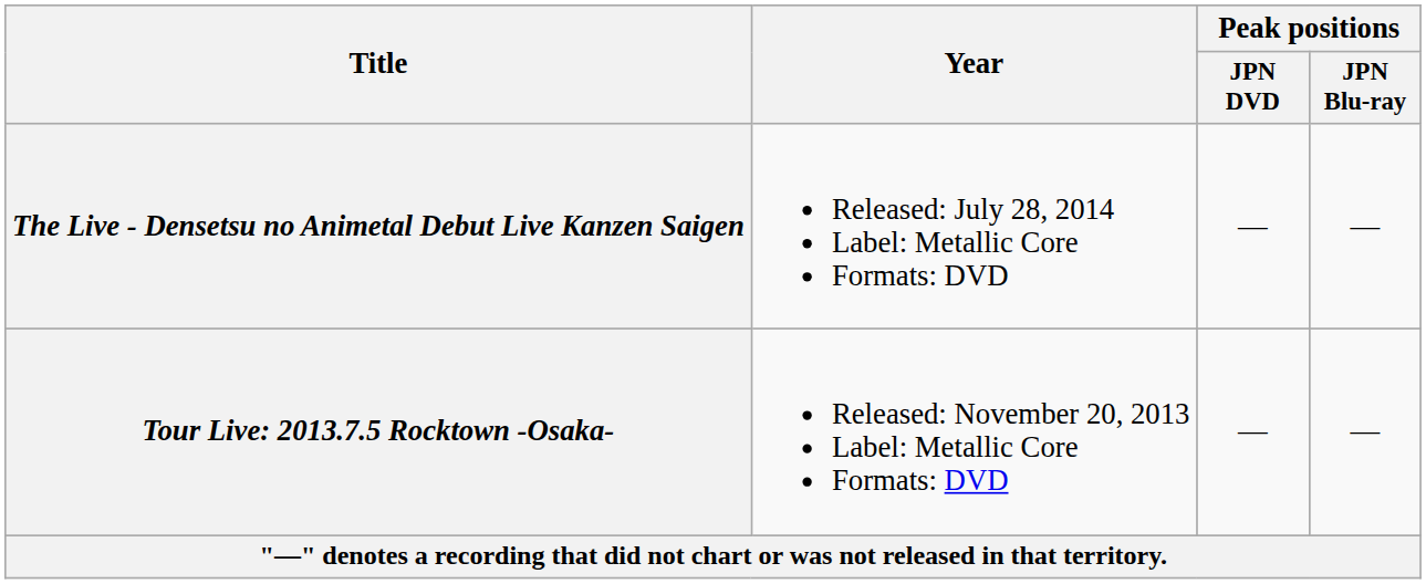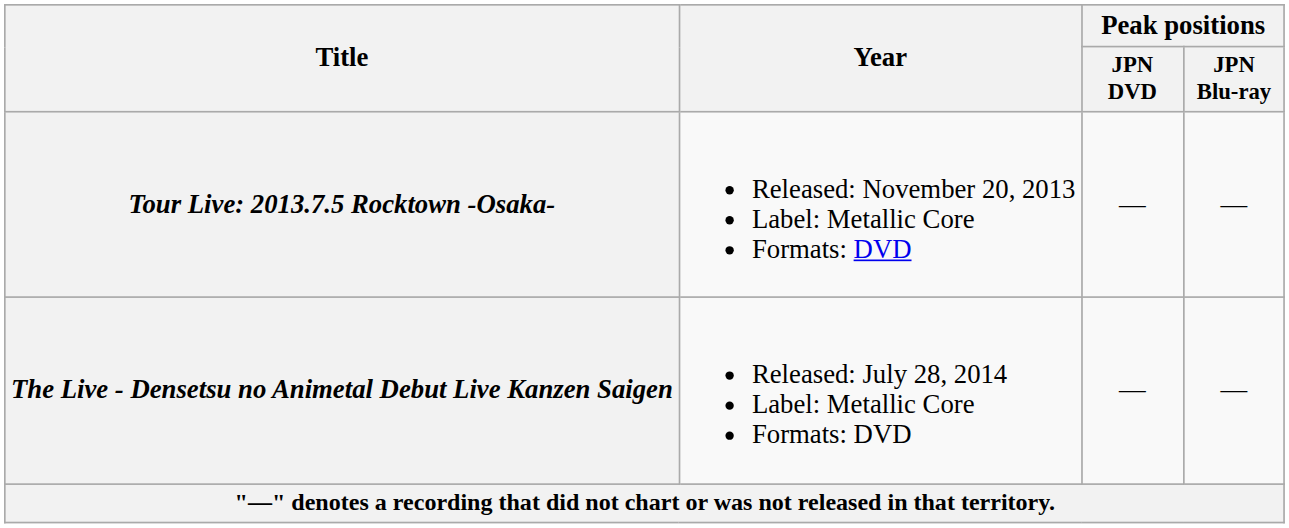 <table class="wikitable plainrowheaders">
 <tr>
 <th scope="col" rowspan="2">Title</th>
 <th scope="col" rowspan="2">Year</th>
 <th scope="col" colspan="2">Peak positions</th>
 </tr>
 <tr>
 <th scope="col" style="width:4em;font-size:85%">JPN<br>DVD<br></th>
 <th scope="col" style="width:4em;font-size:85%">JPN<br>Blu-ray<br></th>
 </tr>
 <tr>
-<th scope="row"><em>The Live - Densetsu no Animetal Debut Live Kanzen Saigen</em></th>
-<td><br><ul><li>Released: July 28, 2014</li><li>Label: Metallic Core</li><li>Formats: DVD</li></ul></td>
+<th scope="row"><em>Tour Live: 2013.7.5 Rocktown -Osaka-</em></th>
+<td><br><ul><li>Released: November 20, 2013</li><li>Label: Metallic Core</li><li>Formats: <a href='#'>DVD</a></li></ul></td>
 <td align="center">—</td>
 <td align="center">—</td>
 </tr>
 <tr>
-<th scope="row"><em>Tour Live: 2013.7.5 Rocktown -Osaka-</em></th>
-<td><br><ul><li>Released: November 20, 2013</li><li>Label: Metallic Core</li><li>Formats: <a href='#'>DVD</a></li></ul></td>
+<th scope="row"><em>The Live - Densetsu no Animetal Debut Live Kanzen Saigen</em></th>
+<td><br><ul><li>Released: July 28, 2014</li><li>Label: Metallic Core</li><li>Formats: DVD</li></ul></td>
 <td align="center">—</td>
 <td align="center">—</td>
 </tr>
 <tr>
 <th align="center" colspan="4" style="font-size:90%">"—" denotes a recording that did not chart or was not released in that territory.</th>
 </tr>
 </table>
